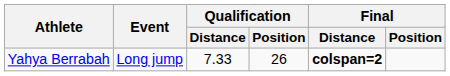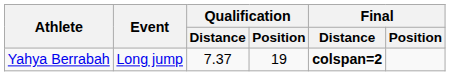 <table class=wikitable style=font-size:90%>
 <tr>
 <th rowspan=2>Athlete</th>
 <th rowspan=2>Event</th>
 <th colspan=2>Qualification</th>
 <th colspan=2>Final</th>
 </tr>
 <tr style=font-size:95%>
 <th>Distance</th>
 <th>Position</th>
 <th>Distance</th>
 <th>Position</th>
 </tr>
 <tr align=center>
 <td align=left><a href='#'>Yahya Berrabah</a></td>
 <td align=left><a href='#'>Long jump</a></td>
-<td>7.33</td>
-<td>26</td>
+<td>7.37</td>
+<td>19</td>
 <td><strong>colspan=2 </strong></td>
 </tr>
 </table>
